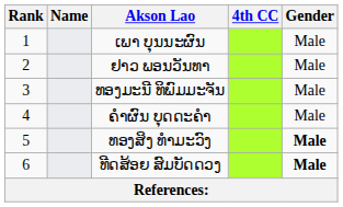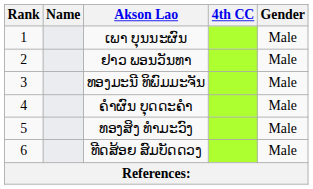 <table class="wikitable sortable" style=text-align:center>
 <tr>
 <th>Rank</th>
 <th>Name</th>
 <th class="unsortable"><a href='#'>Akson Lao</a></th>
 <th unsortable><a href='#'>4th CC</a></th>
 <th>Gender</th>
 </tr>
 <tr>
 <td>1</td>
 <td bgcolor = #EAECF0></td>
 <td>ເພາ ບຸນນະຜົນ</td>
 <td bgcolor = GreenYellow></td>
 <td>Male</td>
 </tr>
 <tr>
 <td>2</td>
 <td bgcolor = #EAECF0></td>
 <td>ຢາວ ພອນວັນທາ</td>
 <td bgcolor = GreenYellow></td>
 <td>Male</td>
 </tr>
 <tr>
 <td>3</td>
 <td bgcolor = #EAECF0></td>
 <td>ທອງມະນີ ທິພົມມະຈັນ</td>
 <td bgcolor = GreenYellow></td>
 <td>Male</td>
 </tr>
 <tr>
 <td>4</td>
 <td bgcolor = #EAECF0></td>
 <td>ຄຳຜົນ ບຸດດະຄຳ</td>
 <td bgcolor = GreenYellow></td>
 <td>Male</td>
 </tr>
 <tr>
 <td>5</td>
 <td bgcolor = #EAECF0></td>
 <td>ທອງສິງ ທຳມະວົງ</td>
 <td bgcolor = GreenYellow></td>
-<td><strong>Male</strong></td>
+<td>Male</td>
 </tr>
 <tr>
 <td>6</td>
 <td bgcolor = #EAECF0></td>
 <td>ທີດສ້ອຍ ສົມບັດດວງ</td>
 <td bgcolor = GreenYellow></td>
-<td><strong>Male</strong></td>
+<td>Male</td>
 </tr>
 <tr class=sortbottom>
 <th colspan = "6" align = left><strong>References:</strong><br></th>
 </tr>
 </table>
